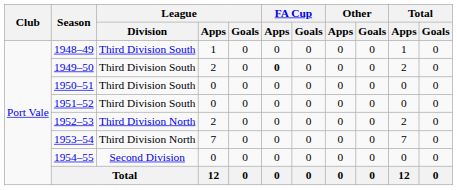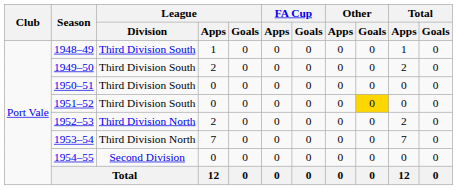 <table class="wikitable" style="text-align:center">
 <tr>
 <th rowspan="2">Club</th>
 <th rowspan="2">Season</th>
 <th colspan="3">League</th>
 <th colspan="2"><a href='#'>FA Cup</a></th>
 <th colspan="2">Other</th>
 <th colspan="2">Total</th>
 </tr>
 <tr>
 <th>Division</th>
 <th>Apps</th>
 <th>Goals</th>
 <th>Apps</th>
 <th>Goals</th>
 <th>Apps</th>
 <th>Goals</th>
 <th>Apps</th>
 <th>Goals</th>
 </tr>
 <tr>
 <td rowspan="8"><a href='#'>Port Vale</a></td>
 <td><a href='#'>1948–49</a></td>
 <td><a href='#'>Third Division South</a></td>
 <td>1</td>
 <td>0</td>
 <td>0</td>
 <td>0</td>
 <td>0</td>
 <td>0</td>
 <td>1</td>
 <td>0</td>
 </tr>
 <tr>
 <td><a href='#'>1949–50</a></td>
 <td>Third Division South</td>
 <td>2</td>
 <td>0</td>
-<td><strong>0</strong></td>
+<td>0</td>
 <td>0</td>
 <td>0</td>
 <td>0</td>
 <td>2</td>
 <td>0</td>
 </tr>
 <tr>
 <td><a href='#'>1950–51</a></td>
 <td>Third Division South</td>
 <td>0</td>
 <td>0</td>
 <td>0</td>
 <td>0</td>
 <td>0</td>
 <td>0</td>
 <td>0</td>
 <td>0</td>
 </tr>
 <tr>
 <td><a href='#'>1951–52</a></td>
 <td>Third Division South</td>
 <td>0</td>
 <td>0</td>
 <td>0</td>
 <td>0</td>
 <td>0</td>
-<td>0</td>
+<td style="background: gold;">0</td>
 <td>0</td>
 <td>0</td>
 </tr>
 <tr>
 <td><a href='#'>1952–53</a></td>
 <td><a href='#'>Third Division North</a></td>
 <td>2</td>
 <td>0</td>
 <td>0</td>
 <td>0</td>
 <td>0</td>
 <td>0</td>
 <td>2</td>
 <td>0</td>
 </tr>
 <tr>
 <td><a href='#'>1953–54</a></td>
 <td>Third Division North</td>
 <td>7</td>
 <td>0</td>
 <td>0</td>
 <td>0</td>
 <td>0</td>
 <td>0</td>
 <td>7</td>
 <td>0</td>
 </tr>
 <tr>
 <td><a href='#'>1954–55</a></td>
 <td><a href='#'>Second Division</a></td>
 <td>0</td>
 <td>0</td>
 <td>0</td>
 <td>0</td>
 <td>0</td>
 <td>0</td>
 <td>0</td>
 <td>0</td>
 </tr>
 <tr>
 <th colspan="2">Total</th>
 <th>12</th>
 <th>0</th>
 <th>0</th>
 <th>0</th>
 <th>0</th>
 <th>0</th>
 <th>12</th>
 <th>0</th>
 </tr>
 </table>
